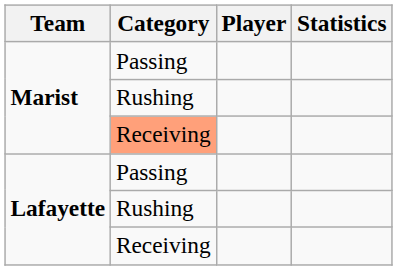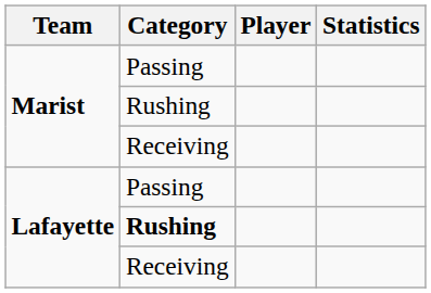 <table class="wikitable" style="float: right;">
 <tr>
 <th>Team</th>
 <th>Category</th>
 <th>Player</th>
 <th>Statistics</th>
 </tr>
 <tr>
 <td rowspan=3><strong>Marist</strong></td>
 <td>Passing</td>
 <td></td>
 <td></td>
 </tr>
 <tr>
 <td>Rushing</td>
 <td></td>
 <td></td>
 </tr>
 <tr>
-<td style="background: lightsalmon;">Receiving</td>
+<td>Receiving</td>
 <td></td>
 <td></td>
 </tr>
 <tr>
 <td rowspan=3><strong>Lafayette</strong></td>
 <td>Passing</td>
 <td></td>
 <td></td>
 </tr>
 <tr>
-<td>Rushing</td>
+<td><strong>Rushing</strong></td>
 <td></td>
 <td></td>
 </tr>
 <tr>
 <td>Receiving</td>
 <td></td>
 <td></td>
 </tr>
 </table>
